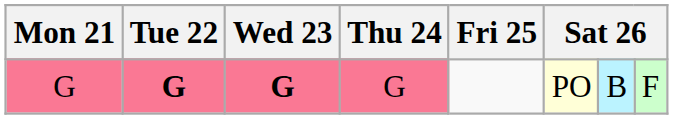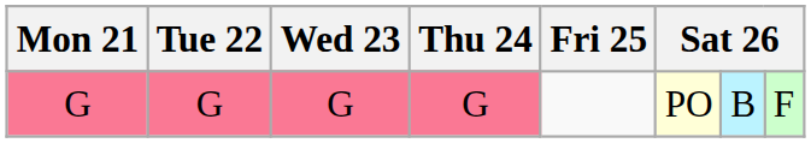 <table class="wikitable" style="margin:0.5em auto; font-size:90%; line-height:1.25em; text-align:center">
 <tr>
 <th>Mon 21</th>
 <th>Tue 22</th>
 <th>Wed 23</th>
 <th>Thu 24</th>
 <th>Fri 25</th>
 <th colspan="3">Sat 26</th>
 </tr>
 <tr>
 <td bgcolor="#FA7894">G</td>
-<td bgcolor="#FA7894"><strong>G</strong></td>
-<td bgcolor="#FA7894"><strong>G</strong></td>
+<td bgcolor="#FA7894">G</td>
+<td bgcolor="#FA7894">G</td>
 <td bgcolor="#FA7894">G</td>
 <td></td>
 <td bgcolor="#FFFFD7">PO</td>
 <td bgcolor="#BBF3FF">B</td>
 <td bgcolor="#ccffcc">F</td>
 </tr>
 </table>
